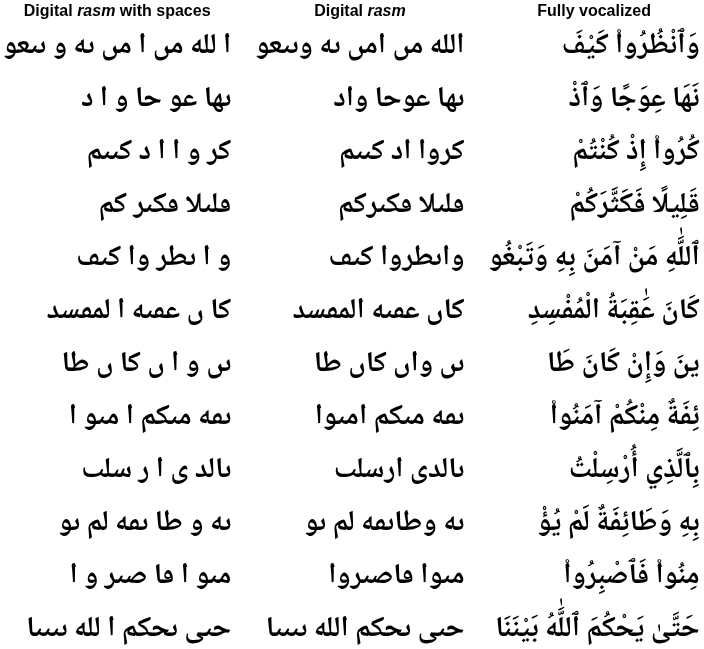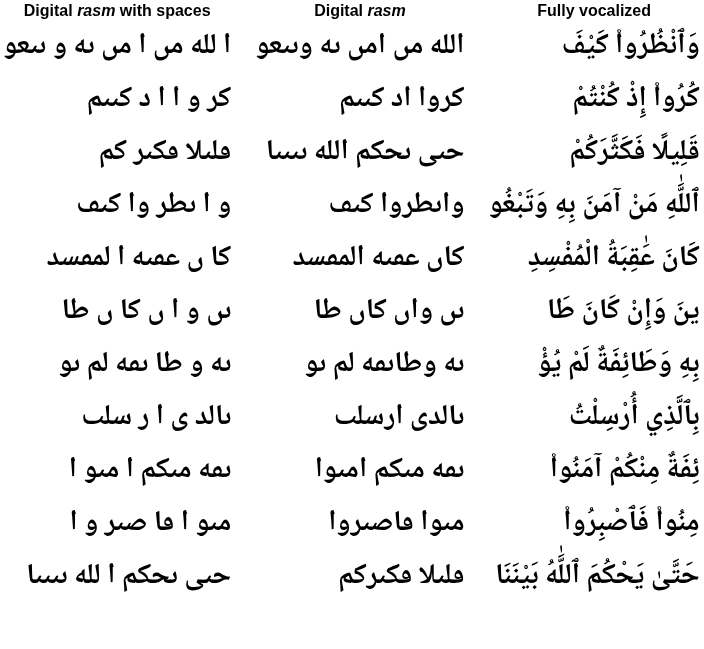 <table cellspacing="0" border="0" cellpadding="0">
 <tr>
 <th>Digital <em>rasm</em> with spaces</th>
 <th>Digital <em>rasm</em></th>
 <th>Fully vocalized</th>
 </tr>
 <tr>
 <td style="text-align:right; font-size:1.5em;font-family:'Noto Naskh Arabic',mry_KacstQurn,KacstOne,'DejaVu Sans','DejaVu Sans Condensed',Harmattan,'Iranian Sans',Scheherazade,Lateef; white-space:nowrap; padding: 2px .5em;"><strong><big>ا لل‍ه مں ا مں ٮه و ٮٮعو</big></strong></td>
 <td style="text-align:right; font-size:1.5em;font-family:'Noto Naskh Arabic',mry_KacstQurn,KacstOne,'DejaVu Sans','DejaVu Sans Condensed',Harmattan,'Iranian Sans',Scheherazade,Lateef; white-space:nowrap; padding: 2px .5em;"><strong><big>الل‍ه مں امں ٮه وٮٮعو</big></strong></td>
 <td style="text-align:right; font-size:1.5em;font-family:'Noto Naskh Arabic',mry_KacstQurn,KacstOne,'DejaVu Sans','DejaVu Sans Condensed',Harmattan,'Iranian Sans',Scheherazade,Lateef; white-space:nowrap; padding: 2px .5em;"><strong><big>وَٱنْظُرُوا۟ كَيْفَ</big></strong></td>
 </tr>
 <tr>
-<td style="text-align:right; font-size:1.5em;font-family:'Noto Naskh Arabic',mry_KacstQurn,KacstOne,'DejaVu Sans','DejaVu Sans Condensed',Harmattan,'Iranian Sans',Scheherazade,Lateef; white-space:nowrap; padding: 2px .5em;"><strong><big>ٮها عو حا و ا د</big></strong></td>
-<td style="text-align:right; font-size:1.5em;font-family:'Noto Naskh Arabic',mry_KacstQurn,KacstOne,'DejaVu Sans','DejaVu Sans Condensed',Harmattan,'Iranian Sans',Scheherazade,Lateef; white-space:nowrap; padding: 2px .5em;"><strong><big>ٮها عوحا واد</big></strong></td>
-<td style="text-align:right; font-size:1.5em;font-family:'Noto Naskh Arabic',mry_KacstQurn,KacstOne,'DejaVu Sans','DejaVu Sans Condensed',Harmattan,'Iranian Sans',Scheherazade,Lateef; white-space:nowrap; padding: 2px .5em;"><strong><big>نَهَا عِوَجًا وَٱذْ</big></strong></td>
-</tr>
-<tr>
 <td style="text-align:right; font-size:1.5em;font-family:'Noto Naskh Arabic',mry_KacstQurn,KacstOne,'DejaVu Sans','DejaVu Sans Condensed',Harmattan,'Iranian Sans',Scheherazade,Lateef; white-space:nowrap; padding: 2px .5em;"><strong><big>کر و ا ا د کٮٮم</big></strong></td>
 <td style="text-align:right; font-size:1.5em;font-family:'Noto Naskh Arabic',mry_KacstQurn,KacstOne,'DejaVu Sans','DejaVu Sans Condensed',Harmattan,'Iranian Sans',Scheherazade,Lateef; white-space:nowrap; padding: 2px .5em;"><strong><big>کروا اد کٮٮم</big></strong></td>
 <td style="text-align:right; font-size:1.5em;font-family:'Noto Naskh Arabic',mry_KacstQurn,KacstOne,'DejaVu Sans','DejaVu Sans Condensed',Harmattan,'Iranian Sans',Scheherazade,Lateef; white-space:nowrap; padding: 2px .5em;"><strong><big>كُرُوا۟ إِذْ كُنْتُمْ</big></strong></td>
 </tr>
 <tr>
 <td style="text-align:right; font-size:1.5em;font-family:'Noto Naskh Arabic',mry_KacstQurn,KacstOne,'DejaVu Sans','DejaVu Sans Condensed',Harmattan,'Iranian Sans',Scheherazade,Lateef; white-space:nowrap; padding: 2px .5em;"><strong><big>ڡلٮلا ڡکٮر کم</big></strong></td>
-<td style="text-align:right; font-size:1.5em;font-family:'Noto Naskh Arabic',mry_KacstQurn,KacstOne,'DejaVu Sans','DejaVu Sans Condensed',Harmattan,'Iranian Sans',Scheherazade,Lateef; white-space:nowrap; padding: 2px .5em;"><strong><big>ڡلٮلا ڡکٮرکم</big></strong></td>
+<td style="text-align:right; font-size:1.5em;font-family:'Noto Naskh Arabic',mry_KacstQurn,KacstOne,'DejaVu Sans','DejaVu Sans Condensed',Harmattan,'Iranian Sans',Scheherazade,Lateef; white-space:nowrap; padding: 2px .5em;"><strong><big>حٮى ٮحکم الل‍ه ٮٮٮٮا</big></strong></td>
 <td style="text-align:right; font-size:1.5em;font-family:'Noto Naskh Arabic',mry_KacstQurn,KacstOne,'DejaVu Sans','DejaVu Sans Condensed',Harmattan,'Iranian Sans',Scheherazade,Lateef; white-space:nowrap; padding: 2px .5em;"><strong><big>قَلِيلًا فَكَثَّرَكُمْ</big></strong></td>
 </tr>
 <tr>
 <td style="text-align:right; font-size:1.5em;font-family:'Noto Naskh Arabic',mry_KacstQurn,KacstOne,'DejaVu Sans','DejaVu Sans Condensed',Harmattan,'Iranian Sans',Scheherazade,Lateef; white-space:nowrap; padding: 2px .5em;"><strong><big>و ا ٮطر وا کٮڡ</big></strong></td>
 <td style="text-align:right; font-size:1.5em;font-family:'Noto Naskh Arabic',mry_KacstQurn,KacstOne,'DejaVu Sans','DejaVu Sans Condensed',Harmattan,'Iranian Sans',Scheherazade,Lateef; white-space:nowrap; padding: 2px .5em;"><strong><big>واٮطروا کٮڡ</big></strong></td>
 <td style="text-align:right; font-size:1.5em;font-family:'Noto Naskh Arabic',mry_KacstQurn,KacstOne,'DejaVu Sans','DejaVu Sans Condensed',Harmattan,'Iranian Sans',Scheherazade,Lateef; white-space:nowrap; padding: 2px .5em;"><strong><big>ٱللَّٰهِ مَنْ آمَنَ بِهِ وَتَبْغُو</big></strong></td>
 </tr>
 <tr>
 <td style="text-align:right; font-size:1.5em;font-family:'Noto Naskh Arabic',mry_KacstQurn,KacstOne,'DejaVu Sans','DejaVu Sans Condensed',Harmattan,'Iranian Sans',Scheherazade,Lateef; white-space:nowrap; padding: 2px .5em;"><strong><big>کا ں عڡٮه ا لمڡسد</big></strong></td>
 <td style="text-align:right; font-size:1.5em;font-family:'Noto Naskh Arabic',mry_KacstQurn,KacstOne,'DejaVu Sans','DejaVu Sans Condensed',Harmattan,'Iranian Sans',Scheherazade,Lateef; white-space:nowrap; padding: 2px .5em;"><strong><big>کاں عڡٮه المڡسد</big></strong></td>
 <td style="text-align:right; font-size:1.5em;font-family:'Noto Naskh Arabic',mry_KacstQurn,KacstOne,'DejaVu Sans','DejaVu Sans Condensed',Harmattan,'Iranian Sans',Scheherazade,Lateef; white-space:nowrap; padding: 2px .5em;"><strong><big>كَانَ عَٰقِبَةُ الْمُفْسِدِ</big></strong></td>
 </tr>
 <tr>
 <td style="text-align:right; font-size:1.5em;font-family:'Noto Naskh Arabic',mry_KacstQurn,KacstOne,'DejaVu Sans','DejaVu Sans Condensed',Harmattan,'Iranian Sans',Scheherazade,Lateef; white-space:nowrap; padding: 2px .5em;"><strong><big>ٮں و ا ں کا ں طا</big></strong></td>
 <td style="text-align:right; font-size:1.5em;font-family:'Noto Naskh Arabic',mry_KacstQurn,KacstOne,'DejaVu Sans','DejaVu Sans Condensed',Harmattan,'Iranian Sans',Scheherazade,Lateef; white-space:nowrap; padding: 2px .5em;"><strong><big>ٮں واں کاں طا</big></strong></td>
 <td style="text-align:right; font-size:1.5em;font-family:'Noto Naskh Arabic',mry_KacstQurn,KacstOne,'DejaVu Sans','DejaVu Sans Condensed',Harmattan,'Iranian Sans',Scheherazade,Lateef; white-space:nowrap; padding: 2px .5em;"><strong><big>ينَ وَإِنْ كَانَ طَا</big></strong></td>
 </tr>
 <tr>
-<td style="text-align:right; font-size:1.5em;font-family:'Noto Naskh Arabic',mry_KacstQurn,KacstOne,'DejaVu Sans','DejaVu Sans Condensed',Harmattan,'Iranian Sans',Scheherazade,Lateef; white-space:nowrap; padding: 2px .5em;"><strong><big>ٮڡه مٮکم ا مٮو ا</big></strong></td>
-<td style="text-align:right; font-size:1.5em;font-family:'Noto Naskh Arabic',mry_KacstQurn,KacstOne,'DejaVu Sans','DejaVu Sans Condensed',Harmattan,'Iranian Sans',Scheherazade,Lateef; white-space:nowrap; padding: 2px .5em;"><strong><big>ٮڡه مٮکم امٮوا</big></strong></td>
-<td style="text-align:right; font-size:1.5em;font-family:'Noto Naskh Arabic',mry_KacstQurn,KacstOne,'DejaVu Sans','DejaVu Sans Condensed',Harmattan,'Iranian Sans',Scheherazade,Lateef; white-space:nowrap; padding: 2px .5em;"><strong><big>ئِفَةٌ مِنْكُمْ آمَنُوا۟</big></strong></td>
+<td style="text-align:right; font-size:1.5em;font-family:'Noto Naskh Arabic',mry_KacstQurn,KacstOne,'DejaVu Sans','DejaVu Sans Condensed',Harmattan,'Iranian Sans',Scheherazade,Lateef; white-space:nowrap; padding: 2px .5em;"><strong><big>ٮه و طا ٮڡه لم ٮو</big></strong></td>
+<td style="text-align:right; font-size:1.5em;font-family:'Noto Naskh Arabic',mry_KacstQurn,KacstOne,'DejaVu Sans','DejaVu Sans Condensed',Harmattan,'Iranian Sans',Scheherazade,Lateef; white-space:nowrap; padding: 2px .5em;"><strong><big>ٮه وطاٮڡه لم ٮو</big></strong></td>
+<td style="text-align:right; font-size:1.5em;font-family:'Noto Naskh Arabic',mry_KacstQurn,KacstOne,'DejaVu Sans','DejaVu Sans Condensed',Harmattan,'Iranian Sans',Scheherazade,Lateef; white-space:nowrap; padding: 2px .5em;"><strong><big>بِهِ وَطَائِفَةٌ لَمْ يُؤْ</big></strong></td>
 </tr>
 <tr>
 <td style="text-align:right; font-size:1.5em;font-family:'Noto Naskh Arabic',mry_KacstQurn,KacstOne,'DejaVu Sans','DejaVu Sans Condensed',Harmattan,'Iranian Sans',Scheherazade,Lateef; white-space:nowrap; padding: 2px .5em;"><strong><big>ٮالد ى ا ر سلٮ</big></strong></td>
 <td style="text-align:right; font-size:1.5em;font-family:'Noto Naskh Arabic',mry_KacstQurn,KacstOne,'DejaVu Sans','DejaVu Sans Condensed',Harmattan,'Iranian Sans',Scheherazade,Lateef; white-space:nowrap; padding: 2px .5em;"><strong><big>ٮالدى ارسلٮ</big></strong></td>
 <td style="text-align:right; font-size:1.5em;font-family:'Noto Naskh Arabic',mry_KacstQurn,KacstOne,'DejaVu Sans','DejaVu Sans Condensed',Harmattan,'Iranian Sans',Scheherazade,Lateef; white-space:nowrap; padding: 2px .5em;"><strong><big>بِٱلَّذِي أُرْسِلْتُ</big></strong></td>
 </tr>
 <tr>
-<td style="text-align:right; font-size:1.5em;font-family:'Noto Naskh Arabic',mry_KacstQurn,KacstOne,'DejaVu Sans','DejaVu Sans Condensed',Harmattan,'Iranian Sans',Scheherazade,Lateef; white-space:nowrap; padding: 2px .5em;"><strong><big>ٮه و طا ٮڡه لم ٮو</big></strong></td>
-<td style="text-align:right; font-size:1.5em;font-family:'Noto Naskh Arabic',mry_KacstQurn,KacstOne,'DejaVu Sans','DejaVu Sans Condensed',Harmattan,'Iranian Sans',Scheherazade,Lateef; white-space:nowrap; padding: 2px .5em;"><strong><big>ٮه وطاٮڡه لم ٮو</big></strong></td>
-<td style="text-align:right; font-size:1.5em;font-family:'Noto Naskh Arabic',mry_KacstQurn,KacstOne,'DejaVu Sans','DejaVu Sans Condensed',Harmattan,'Iranian Sans',Scheherazade,Lateef; white-space:nowrap; padding: 2px .5em;"><strong><big>بِهِ وَطَائِفَةٌ لَمْ يُؤْ</big></strong></td>
+<td style="text-align:right; font-size:1.5em;font-family:'Noto Naskh Arabic',mry_KacstQurn,KacstOne,'DejaVu Sans','DejaVu Sans Condensed',Harmattan,'Iranian Sans',Scheherazade,Lateef; white-space:nowrap; padding: 2px .5em;"><strong><big>ٮڡه مٮکم ا مٮو ا</big></strong></td>
+<td style="text-align:right; font-size:1.5em;font-family:'Noto Naskh Arabic',mry_KacstQurn,KacstOne,'DejaVu Sans','DejaVu Sans Condensed',Harmattan,'Iranian Sans',Scheherazade,Lateef; white-space:nowrap; padding: 2px .5em;"><strong><big>ٮڡه مٮکم امٮوا</big></strong></td>
+<td style="text-align:right; font-size:1.5em;font-family:'Noto Naskh Arabic',mry_KacstQurn,KacstOne,'DejaVu Sans','DejaVu Sans Condensed',Harmattan,'Iranian Sans',Scheherazade,Lateef; white-space:nowrap; padding: 2px .5em;"><strong><big>ئِفَةٌ مِنْكُمْ آمَنُوا۟</big></strong></td>
 </tr>
 <tr>
 <td style="text-align:right; font-size:1.5em;font-family:'Noto Naskh Arabic',mry_KacstQurn,KacstOne,'DejaVu Sans','DejaVu Sans Condensed',Harmattan,'Iranian Sans',Scheherazade,Lateef; white-space:nowrap; padding: 2px .5em;"><strong><big>مٮو ا ڡا صٮر و ا</big></strong></td>
 <td style="text-align:right; font-size:1.5em;font-family:'Noto Naskh Arabic',mry_KacstQurn,KacstOne,'DejaVu Sans','DejaVu Sans Condensed',Harmattan,'Iranian Sans',Scheherazade,Lateef; white-space:nowrap; padding: 2px .5em;"><strong><big>مٮوا ڡاصٮروا</big></strong></td>
 <td style="text-align:right; font-size:1.5em;font-family:'Noto Naskh Arabic',mry_KacstQurn,KacstOne,'DejaVu Sans','DejaVu Sans Condensed',Harmattan,'Iranian Sans',Scheherazade,Lateef; white-space:nowrap; padding: 2px .5em;"><strong><big>مِنُوا۟ فَٱصْبِرُوا۟</big></strong></td>
 </tr>
 <tr>
 <td style="text-align:right; font-size:1.5em;font-family:'Noto Naskh Arabic',mry_KacstQurn,KacstOne,'DejaVu Sans','DejaVu Sans Condensed',Harmattan,'Iranian Sans',Scheherazade,Lateef; white-space:nowrap; padding: 2px .5em;"><strong><big>حٮى ٮحکم ا لل‍ه ٮٮٮٮا</big></strong></td>
-<td style="text-align:right; font-size:1.5em;font-family:'Noto Naskh Arabic',mry_KacstQurn,KacstOne,'DejaVu Sans','DejaVu Sans Condensed',Harmattan,'Iranian Sans',Scheherazade,Lateef; white-space:nowrap; padding: 2px .5em;"><strong><big>حٮى ٮحکم الل‍ه ٮٮٮٮا</big></strong></td>
+<td style="text-align:right; font-size:1.5em;font-family:'Noto Naskh Arabic',mry_KacstQurn,KacstOne,'DejaVu Sans','DejaVu Sans Condensed',Harmattan,'Iranian Sans',Scheherazade,Lateef; white-space:nowrap; padding: 2px .5em;"><strong><big>ڡلٮلا ڡکٮرکم</big></strong></td>
 <td style="text-align:right; font-size:1.5em;font-family:'Noto Naskh Arabic',mry_KacstQurn,KacstOne,'DejaVu Sans','DejaVu Sans Condensed',Harmattan,'Iranian Sans',Scheherazade,Lateef; white-space:nowrap; padding: 2px .5em;"><strong><big>حَتَّىٰ يَحْكُمَ ٱللَّٰهُ بَيْنَنَا</big></strong></td>
 </tr>
 </table>
